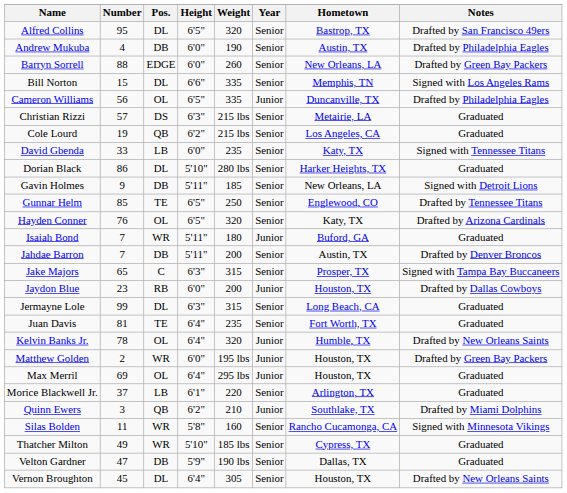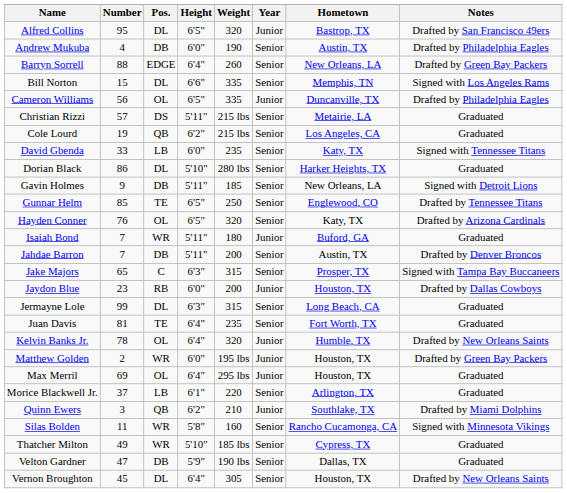 <table class="wikitable sortable collapsible">
 <tr>
 </tr>
 <tr>
 <th style="text-align:center; ">Name</th>
 <th style="text-align:center; ">Number</th>
 <th style="text-align:center; ">Pos.</th>
 <th style="text-align:center; ">Height</th>
 <th style="text-align:center; ">Weight</th>
 <th style="text-align:center; ">Year</th>
 <th style="text-align:center; ">Hometown</th>
 <th style="text-align:center; ">Notes</th>
 </tr>
 <tr align="center">
 <td><a href='#'>Alfred Collins</a></td>
 <td>95</td>
 <td>DL</td>
 <td>6'5"</td>
 <td>320</td>
-<td>Senior</td>
+<td>Junior</td>
 <td><a href='#'>Bastrop, TX</a></td>
 <td>Drafted by <a href='#'>San Francisco 49ers</a></td>
 </tr>
 <tr align="center">
 <td><a href='#'>Andrew Mukuba</a></td>
 <td>4</td>
 <td>DB</td>
 <td>6'0"</td>
 <td>190</td>
 <td>Senior</td>
 <td><a href='#'>Austin, TX</a></td>
 <td>Drafted by <a href='#'>Philadelphia Eagles</a></td>
 </tr>
 <tr align="center">
 <td><a href='#'>Barryn Sorrell</a></td>
 <td>88</td>
 <td>EDGE</td>
-<td>6'0"</td>
+<td>6'4"</td>
 <td>260</td>
 <td>Senior</td>
 <td><a href='#'>New Orleans, LA</a></td>
 <td>Drafted by <a href='#'>Green Bay Packers</a></td>
 </tr>
 <tr align="center">
 <td>Bill Norton</td>
 <td>15</td>
 <td>DL</td>
 <td>6'6"</td>
 <td>335</td>
 <td>Senior</td>
 <td><a href='#'>Memphis, TN</a></td>
 <td>Signed with <a href='#'>Los Angeles Rams</a></td>
 </tr>
 <tr align="center">
 <td><a href='#'>Cameron Williams</a></td>
 <td>56</td>
 <td>OL</td>
 <td>6'5"</td>
 <td>335</td>
 <td>Junior</td>
 <td><a href='#'>Duncanville, TX</a></td>
 <td>Drafted by <a href='#'>Philadelphia Eagles</a></td>
 </tr>
 <tr align="center">
 <td>Christian Rizzi</td>
 <td>57</td>
 <td>DS</td>
-<td>6'3"</td>
+<td>5'11"</td>
 <td>215 lbs</td>
 <td>Senior</td>
 <td><a href='#'>Metairie, LA</a></td>
 <td>Graduated</td>
 </tr>
 <tr align="center">
 <td>Cole Lourd</td>
 <td>19</td>
 <td>QB</td>
 <td>6'2"</td>
 <td>215 lbs</td>
 <td>Senior</td>
 <td><a href='#'>Los Angeles, CA</a></td>
 <td>Graduated</td>
 </tr>
 <tr align="center">
 <td><a href='#'>David Gbenda</a></td>
 <td>33</td>
 <td>LB</td>
 <td>6'0"</td>
 <td>235</td>
 <td>Senior</td>
 <td><a href='#'>Katy, TX</a></td>
 <td>Signed with <a href='#'>Tennessee Titans</a></td>
 </tr>
 <tr align="center">
 <td>Dorian Black</td>
 <td>86</td>
 <td>DL</td>
 <td>5'10"</td>
 <td>280 lbs</td>
 <td>Senior</td>
 <td><a href='#'>Harker Heights, TX</a></td>
 <td>Graduated</td>
 </tr>
 <tr align="center">
 <td>Gavin Holmes</td>
 <td>9</td>
 <td>DB</td>
 <td>5'11"</td>
 <td>185</td>
 <td>Senior</td>
 <td>New Orleans, LA</td>
 <td>Signed with <a href='#'>Detroit Lions</a></td>
 </tr>
 <tr align="center">
 <td><a href='#'>Gunnar Helm</a></td>
 <td>85</td>
 <td>TE</td>
 <td>6'5"</td>
 <td>250</td>
 <td>Senior</td>
 <td><a href='#'>Englewood, CO</a></td>
 <td>Drafted by <a href='#'>Tennessee Titans</a></td>
 </tr>
 <tr align="center">
 <td><a href='#'>Hayden Conner</a></td>
 <td>76</td>
 <td>OL</td>
 <td>6'5"</td>
 <td>320</td>
 <td>Senior</td>
 <td>Katy, TX</td>
 <td>Drafted by <a href='#'>Arizona Cardinals</a></td>
 </tr>
 <tr align="center">
 <td><a href='#'>Isaiah Bond</a></td>
 <td>7</td>
 <td>WR</td>
 <td>5'11"</td>
 <td>180</td>
 <td>Junior</td>
 <td><a href='#'>Buford, GA</a></td>
 <td>Graduated</td>
 </tr>
 <tr align="center">
 <td><a href='#'>Jahdae Barron</a></td>
 <td>7</td>
 <td>DB</td>
 <td>5'11"</td>
 <td>200</td>
 <td>Senior</td>
 <td>Austin, TX</td>
 <td>Drafted by <a href='#'>Denver Broncos</a></td>
 </tr>
 <tr align="center">
 <td><a href='#'>Jake Majors</a></td>
 <td>65</td>
 <td>C</td>
 <td>6'3"</td>
 <td>315</td>
 <td>Senior</td>
 <td><a href='#'>Prosper, TX</a></td>
 <td>Signed with <a href='#'>Tampa Bay Buccaneers</a></td>
 </tr>
 <tr align="center">
 <td><a href='#'>Jaydon Blue</a></td>
 <td>23</td>
 <td>RB</td>
 <td>6'0"</td>
 <td>200</td>
 <td>Junior</td>
 <td><a href='#'>Houston, TX</a></td>
 <td>Drafted by <a href='#'>Dallas Cowboys</a></td>
 </tr>
 <tr align="center">
 <td>Jermayne Lole</td>
 <td>99</td>
 <td>DL</td>
 <td>6'3"</td>
 <td>315</td>
 <td>Senior</td>
 <td><a href='#'>Long Beach, CA</a></td>
 <td>Graduated</td>
 </tr>
 <tr align="center">
 <td>Juan Davis</td>
 <td>81</td>
 <td>TE</td>
 <td>6'4"</td>
 <td>235</td>
 <td>Senior</td>
 <td><a href='#'>Fort Worth, TX</a></td>
 <td>Graduated</td>
 </tr>
 <tr align="center">
 <td><a href='#'>Kelvin Banks Jr.</a></td>
 <td>78</td>
 <td>OL</td>
 <td>6'4"</td>
 <td>320</td>
 <td>Junior</td>
 <td><a href='#'>Humble, TX</a></td>
 <td>Drafted by <a href='#'>New Orleans Saints</a></td>
 </tr>
 <tr align="center">
 <td><a href='#'>Matthew Golden</a></td>
 <td>2</td>
 <td>WR</td>
 <td>6'0"</td>
 <td>195 lbs</td>
 <td>Junior</td>
 <td>Houston, TX</td>
 <td>Drafted by <a href='#'>Green Bay Packers</a></td>
 </tr>
 <tr align="center">
 <td>Max Merril</td>
 <td>69</td>
 <td>OL</td>
 <td>6'4"</td>
 <td>295 lbs</td>
 <td>Junior</td>
 <td>Houston, TX</td>
 <td>Graduated</td>
 </tr>
 <tr align="center">
 <td>Morice Blackwell Jr.</td>
 <td>37</td>
 <td>LB</td>
 <td>6'1"</td>
 <td>220</td>
 <td>Senior</td>
 <td><a href='#'>Arlington, TX</a></td>
 <td>Graduated</td>
 </tr>
 <tr align="center">
 <td><a href='#'>Quinn Ewers</a></td>
 <td>3</td>
 <td>QB</td>
 <td>6'2"</td>
 <td>210</td>
 <td>Junior</td>
 <td><a href='#'>Southlake, TX</a></td>
 <td>Drafted by <a href='#'>Miami Dolphins</a></td>
 </tr>
 <tr align="center">
 <td><a href='#'>Silas Bolden</a></td>
 <td>11</td>
 <td>WR</td>
 <td>5'8"</td>
 <td>160</td>
 <td>Senior</td>
 <td><a href='#'>Rancho Cucamonga, CA</a></td>
 <td>Signed with <a href='#'>Minnesota Vikings</a></td>
 </tr>
 <tr align="center">
 <td>Thatcher Milton</td>
 <td>49</td>
 <td>WR</td>
 <td>5'10"</td>
 <td>185 lbs</td>
 <td>Senior</td>
 <td><a href='#'>Cypress, TX</a></td>
 <td>Graduated</td>
 </tr>
 <tr align="center">
 <td>Velton Gardner</td>
 <td>47</td>
 <td>DB</td>
 <td>5'9"</td>
 <td>190 lbs</td>
 <td>Senior</td>
 <td>Dallas, TX</td>
 <td>Graduated</td>
 </tr>
 <tr align="center">
 <td>Vernon Broughton</td>
 <td>45</td>
 <td>DL</td>
 <td>6'4"</td>
 <td>305</td>
 <td>Senior</td>
 <td>Houston, TX</td>
 <td>Drafted by <a href='#'>New Orleans Saints</a></td>
 </tr>
 </table>
